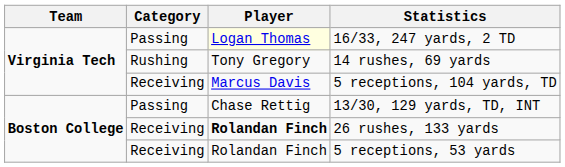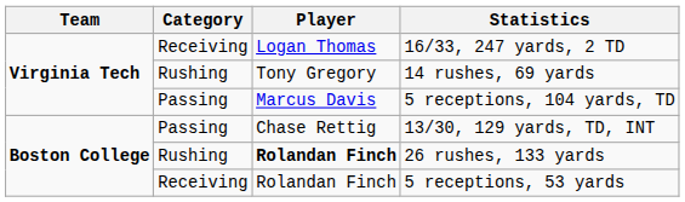 <table class="wikitable" style="float: left;">
 <tr>
 <th>Team</th>
 <th>Category</th>
 <th>Player</th>
 <th>Statistics</th>
 </tr>
 <tr>
 <td rowspan=3><strong>Virginia Tech</strong></td>
-<td>Passing</td>
-<td style="background: lightyellow;"><a href='#'>Logan Thomas</a></td>
+<td>Receiving</td>
+<td><a href='#'>Logan Thomas</a></td>
 <td>16/33, 247 yards, 2 TD</td>
 </tr>
 <tr>
 <td>Rushing</td>
 <td>Tony Gregory</td>
 <td>14 rushes, 69 yards</td>
 </tr>
 <tr>
-<td>Receiving</td>
+<td>Passing</td>
 <td><a href='#'>Marcus Davis</a></td>
 <td>5 receptions, 104 yards, TD</td>
 </tr>
 <tr>
 <td rowspan=3><strong>Boston College</strong></td>
 <td>Passing</td>
 <td>Chase Rettig</td>
 <td>13/30, 129 yards, TD, INT</td>
 </tr>
 <tr>
-<td>Receiving</td>
+<td>Rushing</td>
 <td><strong>Rolandan Finch</strong></td>
 <td>26 rushes, 133 yards</td>
 </tr>
 <tr>
 <td>Receiving</td>
 <td>Rolandan Finch</td>
 <td>5 receptions, 53 yards</td>
 </tr>
 </table>
